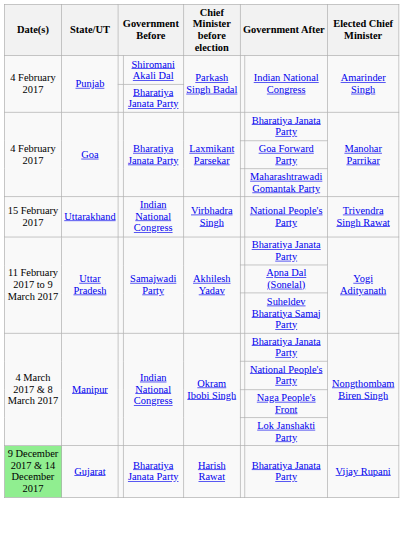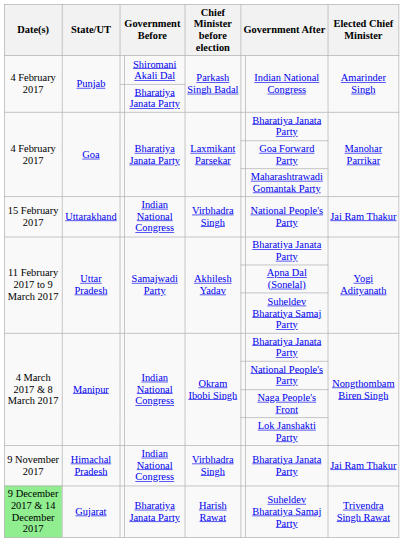 <table class="wikitable sortable" style="text-align:center;">
 <tr>
 <th>Date(s)</th>
 <th>State/UT</th>
 <th colspan="2">Government Before</th>
 <th>Chief Minister before election</th>
 <th colspan="2">Government After</th>
 <th>Elected Chief Minister</th>
 </tr>
 <tr>
 <td rowspan="2">4 February 2017</td>
 <td rowspan="2"><a href='#'>Punjab</a></td>
 <td style="color:inherit;background:"></td>
 <td><a href='#'>Shiromani Akali Dal</a></td>
 <td rowspan="2"><a href='#'>Parkash Singh Badal</a></td>
 <td rowspan="2" style="color:inherit;background:"></td>
 <td rowspan="2"><a href='#'>Indian National Congress</a></td>
 <td rowspan="2"><a href='#'>Amarinder Singh</a></td>
 </tr>
 <tr>
 <td style="color:inherit;background:"></td>
 <td><a href='#'>Bharatiya Janata Party</a></td>
 </tr>
 <tr>
 <td rowspan="3">4 February 2017</td>
 <td rowspan="3"><a href='#'>Goa</a></td>
 <td rowspan="3" style="color:inherit;background:"></td>
 <td rowspan="3"><a href='#'>Bharatiya Janata Party</a></td>
 <td rowspan="3"><a href='#'>Laxmikant Parsekar</a></td>
 <td style="color:inherit;background:"></td>
 <td><a href='#'>Bharatiya Janata Party</a></td>
 <td rowspan="3"><a href='#'>Manohar Parrikar</a></td>
 </tr>
 <tr>
 <td style="color:inherit;background:"></td>
 <td><a href='#'>Goa Forward Party</a></td>
 </tr>
 <tr>
 <td style="color:inherit;background:"></td>
 <td><a href='#'>Maharashtrawadi Gomantak Party</a></td>
 </tr>
 <tr>
 <td>15 February 2017</td>
 <td><a href='#'>Uttarakhand</a></td>
 <td style="color:inherit;background:"></td>
 <td><a href='#'>Indian National Congress</a></td>
 <td><a href='#'>Virbhadra Singh</a></td>
 <td style="color:inherit;background:"></td>
 <td><a href='#'>National People's Party</a></td>
-<td><a href='#'>Trivendra Singh Rawat</a></td>
+<td><a href='#'>Jai Ram Thakur</a></td>
 </tr>
 <tr>
 <td rowspan="3">11 February 2017 to 9 March 2017</td>
 <td rowspan="3"><a href='#'>Uttar Pradesh</a></td>
 <td rowspan="3" style="color:inherit;background:"></td>
 <td rowspan="3"><a href='#'>Samajwadi Party</a></td>
 <td rowspan="3"><a href='#'>Akhilesh Yadav</a></td>
 <td style="color:inherit;background:"></td>
 <td><a href='#'>Bharatiya Janata Party</a></td>
 <td rowspan="3"><a href='#'>Yogi Adityanath</a></td>
 </tr>
 <tr>
 <td style="color:inherit;background:"></td>
 <td><a href='#'>Apna Dal (Sonelal)</a></td>
 </tr>
 <tr>
 <td style="color:inherit;background:"></td>
 <td><a href='#'>Suheldev Bharatiya Samaj Party</a></td>
 </tr>
 <tr>
 <td rowspan="4">4 March 2017 & 8 March 2017</td>
 <td rowspan="4"><a href='#'>Manipur</a></td>
 <td rowspan="4" style="color:inherit;background:"></td>
 <td rowspan="4"><a href='#'>Indian National Congress</a></td>
 <td rowspan="4"><a href='#'>Okram Ibobi Singh</a></td>
 <td style="color:inherit;background:"></td>
 <td><a href='#'>Bharatiya Janata Party</a></td>
 <td rowspan="4"><a href='#'>Nongthombam Biren Singh</a></td>
 </tr>
 <tr>
 <td style="color:inherit;background:"></td>
 <td><a href='#'>National People's Party</a></td>
 </tr>
 <tr>
 <td style="color:inherit;background:"></td>
 <td><a href='#'>Naga People's Front</a></td>
 </tr>
 <tr>
 <td style="color:inherit;background:"></td>
 <td><a href='#'>Lok Janshakti Party</a></td>
 </tr>
 <tr>
+<td>9 November 2017</td>
+<td><a href='#'>Himachal Pradesh</a></td>
+<td style="color:inherit;background:"></td>
+<td><a href='#'>Indian National Congress</a></td>
+<td><a href='#'>Virbhadra Singh</a></td>
+<td style="color:inherit;background:"></td>
+<td><a href='#'>Bharatiya Janata Party</a></td>
+<td><a href='#'>Jai Ram Thakur</a></td>
+</tr>
+<tr>
 <td style="background: lightgreen;">9 December 2017 & 14 December 2017</td>
 <td><a href='#'>Gujarat</a></td>
 <td style="color:inherit;background:"></td>
 <td><a href='#'>Bharatiya Janata Party</a></td>
 <td><a href='#'>Harish Rawat</a></td>
 <td style="color:inherit;background:"></td>
-<td><a href='#'>Bharatiya Janata Party</a></td>
-<td><a href='#'>Vijay Rupani</a></td>
+<td><a href='#'>Suheldev Bharatiya Samaj Party</a></td>
+<td><a href='#'>Trivendra Singh Rawat</a></td>
 </tr>
 </table>
